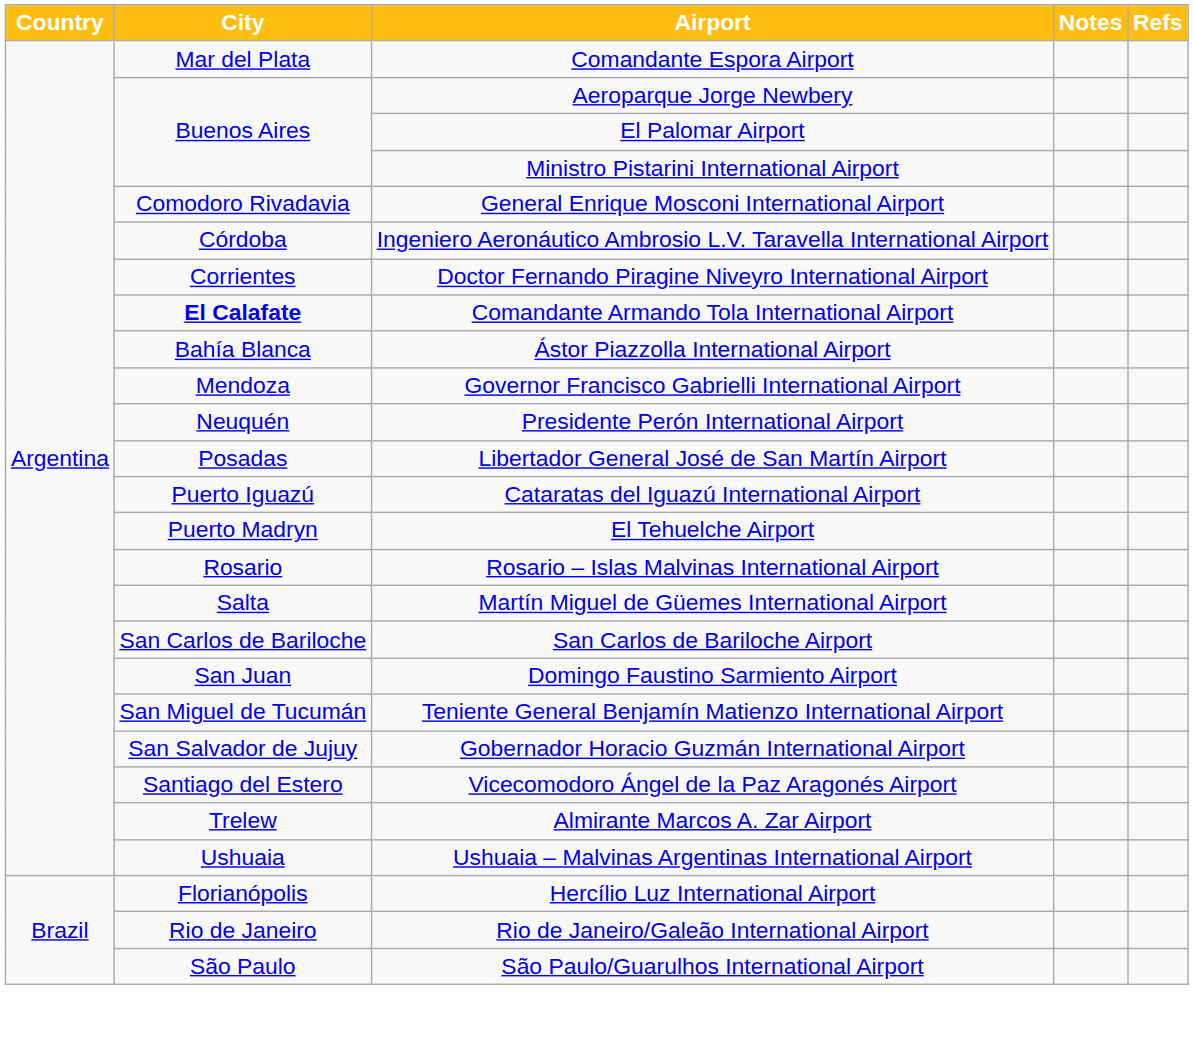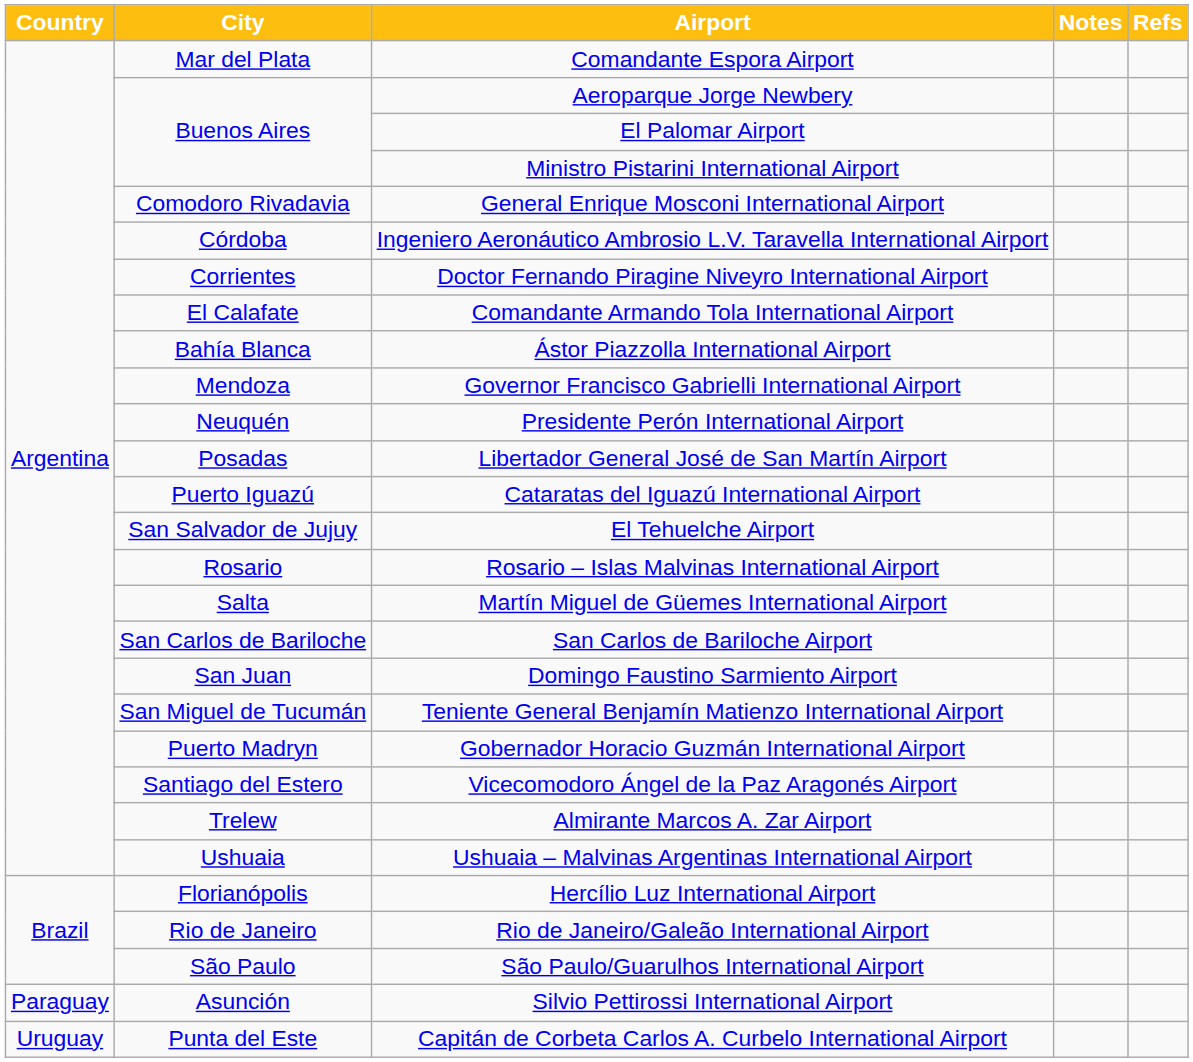 <table Class="wikitable" style= "text-align:center; margin: 1em auto;">
 <tr>
 <th style="background:#febe10; color:white;">Country</th>
 <th style="background:#febe10; color:white;">City</th>
 <th style="background:#febe10; color:white;">Airport</th>
 <th style="background:#febe10; color:white;">Notes</th>
 <th style="background:#febe10; color:white;" class="unsortable">Refs</th>
 </tr>
 <tr>
 <td rowspan=23><a href='#'>Argentina</a></td>
 <td><a href='#'>Mar del Plata</a></td>
 <td><a href='#'>Comandante Espora Airport</a></td>
 <td></td>
 <td></td>
 </tr>
 <tr>
 <td rowspan=3><a href='#'>Buenos Aires</a></td>
 <td><a href='#'>Aeroparque Jorge Newbery</a></td>
 <td></td>
 <td style="text-align:center"></td>
 </tr>
 <tr>
 <td><a href='#'>El Palomar Airport</a></td>
 <td></td>
 <td></td>
 </tr>
 <tr>
 <td><a href='#'>Ministro Pistarini International Airport</a></td>
 <td></td>
 <td style="text-align:center"></td>
 </tr>
 <tr>
 <td><a href='#'>Comodoro Rivadavia</a></td>
 <td><a href='#'>General Enrique Mosconi International Airport</a></td>
 <td></td>
 <td style="text-align:center"></td>
 </tr>
 <tr>
 <td><a href='#'>Córdoba</a></td>
 <td><a href='#'>Ingeniero Aeronáutico Ambrosio L.V. Taravella International Airport</a></td>
 <td></td>
 <td style="text-align:center"></td>
 </tr>
 <tr>
 <td><a href='#'>Corrientes</a></td>
 <td><a href='#'>Doctor Fernando Piragine Niveyro International Airport</a></td>
 <td></td>
 <td style="text-align:center"></td>
 </tr>
 <tr>
-<td><strong><a href='#'>El Calafate</a></strong></td>
+<td><a href='#'>El Calafate</a></td>
 <td><a href='#'>Comandante Armando Tola International Airport</a></td>
 <td></td>
 <td style="text-align:center"></td>
 </tr>
 <tr>
 <td><a href='#'>Bahía Blanca</a></td>
 <td><a href='#'>Ástor Piazzolla International Airport</a></td>
 <td></td>
 <td style="text-align:center"></td>
 </tr>
 <tr>
 <td><a href='#'>Mendoza</a></td>
 <td><a href='#'>Governor Francisco Gabrielli International Airport</a></td>
 <td></td>
 <td style="text-align:center"></td>
 </tr>
 <tr>
 <td><a href='#'>Neuquén</a></td>
 <td><a href='#'>Presidente Perón International Airport</a></td>
 <td></td>
 <td style="text-align:center"></td>
 </tr>
 <tr>
 <td><a href='#'>Posadas</a></td>
 <td><a href='#'>Libertador General José de San Martín Airport</a></td>
 <td></td>
 <td style="text-align:center"></td>
 </tr>
 <tr>
 <td><a href='#'>Puerto Iguazú</a></td>
 <td><a href='#'>Cataratas del Iguazú International Airport</a></td>
 <td></td>
 <td style="text-align:center"></td>
 </tr>
 <tr>
-<td><a href='#'>Puerto Madryn</a></td>
+<td><a href='#'>San Salvador de Jujuy</a></td>
 <td><a href='#'>El Tehuelche Airport</a></td>
 <td></td>
 <td style="text-align:center"></td>
 </tr>
 <tr>
 <td><a href='#'>Rosario</a></td>
 <td><a href='#'>Rosario – Islas Malvinas International Airport</a></td>
 <td></td>
 <td></td>
 </tr>
 <tr>
 <td><a href='#'>Salta</a></td>
 <td><a href='#'>Martín Miguel de Güemes International Airport</a></td>
 <td></td>
 <td style="text-align:center"></td>
 </tr>
 <tr>
 <td><a href='#'>San Carlos de Bariloche</a></td>
 <td><a href='#'>San Carlos de Bariloche Airport</a></td>
 <td></td>
 <td style="text-align:center"></td>
 </tr>
 <tr>
 <td><a href='#'>San Juan</a></td>
 <td><a href='#'>Domingo Faustino Sarmiento Airport</a></td>
 <td></td>
 <td style="text-align:center"></td>
 </tr>
 <tr>
 <td><a href='#'>San Miguel de Tucumán</a></td>
 <td><a href='#'>Teniente General Benjamín Matienzo International Airport</a></td>
 <td></td>
 <td style="text-align:center"></td>
 </tr>
 <tr>
-<td><a href='#'>San Salvador de Jujuy</a></td>
+<td><a href='#'>Puerto Madryn</a></td>
 <td><a href='#'>Gobernador Horacio Guzmán International Airport</a></td>
 <td></td>
 <td style="text-align:center"></td>
 </tr>
 <tr>
 <td><a href='#'>Santiago del Estero</a></td>
 <td><a href='#'>Vicecomodoro Ángel de la Paz Aragonés Airport</a></td>
 <td></td>
 <td style="text-align:center"></td>
 </tr>
 <tr>
 <td><a href='#'>Trelew</a></td>
 <td><a href='#'>Almirante Marcos A. Zar Airport</a></td>
 <td></td>
 <td style="text-align:center"></td>
 </tr>
 <tr>
 <td><a href='#'>Ushuaia</a></td>
 <td><a href='#'>Ushuaia – Malvinas Argentinas International Airport</a></td>
 <td></td>
 <td style="text-align:center"></td>
 </tr>
 <tr>
 <td rowspan=3><a href='#'>Brazil</a></td>
 <td><a href='#'>Florianópolis</a></td>
 <td><a href='#'>Hercílio Luz International Airport</a></td>
 <td></td>
 <td style="text-align:center"></td>
 </tr>
 <tr>
 <td><a href='#'>Rio de Janeiro</a></td>
 <td><a href='#'>Rio de Janeiro/Galeão International Airport</a></td>
 <td></td>
 <td style="text-align:center"></td>
 </tr>
 <tr>
 <td><a href='#'>São Paulo</a></td>
 <td><a href='#'>São Paulo/Guarulhos International Airport</a></td>
 <td></td>
 <td style="text-align:center"></td>
 </tr>
+<tr>
+<td><a href='#'>Paraguay</a></td>
+<td><a href='#'>Asunción</a></td>
+<td><a href='#'>Silvio Pettirossi International Airport</a></td>
+<td></td>
+<td></td>
+</tr>
+<tr>
+<td><a href='#'>Uruguay</a></td>
+<td><a href='#'>Punta del Este</a></td>
+<td><a href='#'>Capitán de Corbeta Carlos A. Curbelo International Airport</a></td>
+<td></td>
+<td></td>
+</tr>
 </table>
